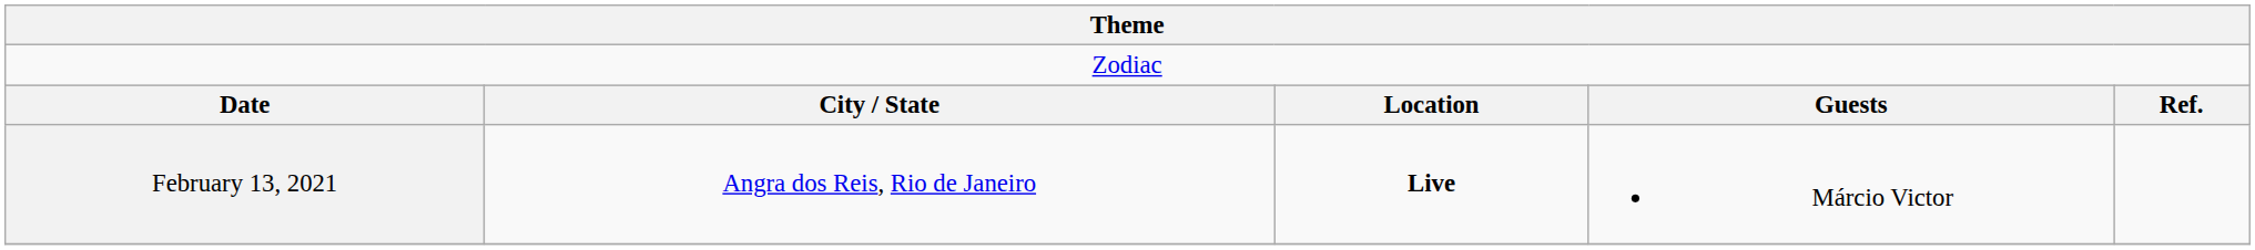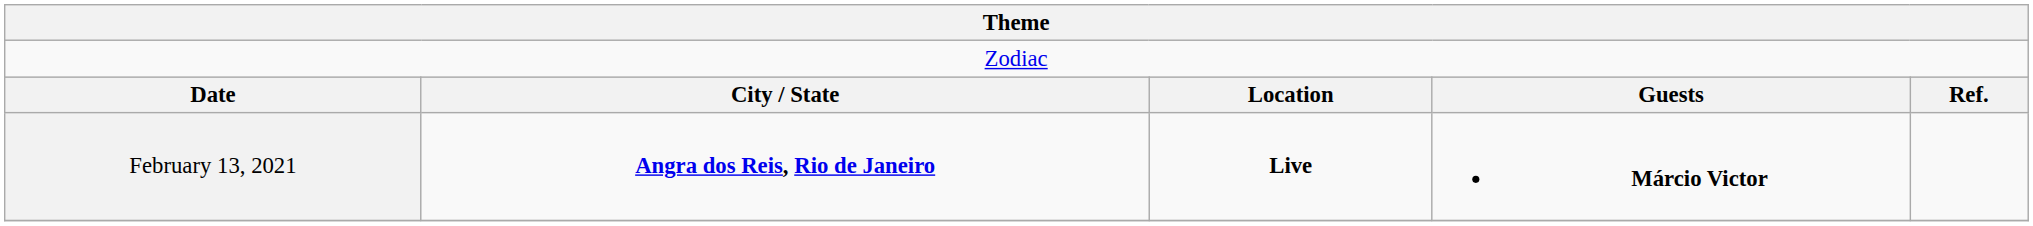 <table class="wikitable plainrowheaders" style="text-align:center;" width="90%">
 <tr>
 <th colspan="5">Theme</th>
 </tr>
 <tr>
 <td colspan="5"><a href='#'>Zodiac</a></td>
 </tr>
 <tr>
 <th scope="col">Date</th>
 <th scope="col">City / State</th>
 <th scope="col" width="14%">Location</th>
 <th scope="col">Guests</th>
 <th>Ref.</th>
 </tr>
 <tr>
 <td scope="row" style="background-color: #f2f2f2;">February 13, 2021</td>
-<td><a href='#'>Angra dos Reis</a>, <a href='#'>Rio de Janeiro</a></td>
+<td><strong><a href='#'>Angra dos Reis</a>, <a href='#'>Rio de Janeiro</a></strong></td>
 <td><strong>Live</strong></td>
-<td><br><ul><li>Márcio Victor</li></ul></td>
+<td><strong><br><ul><li>Márcio Victor</li></ul></strong></td>
 <td></td>
 </tr>
 <tr>
 </tr>
 </table>
